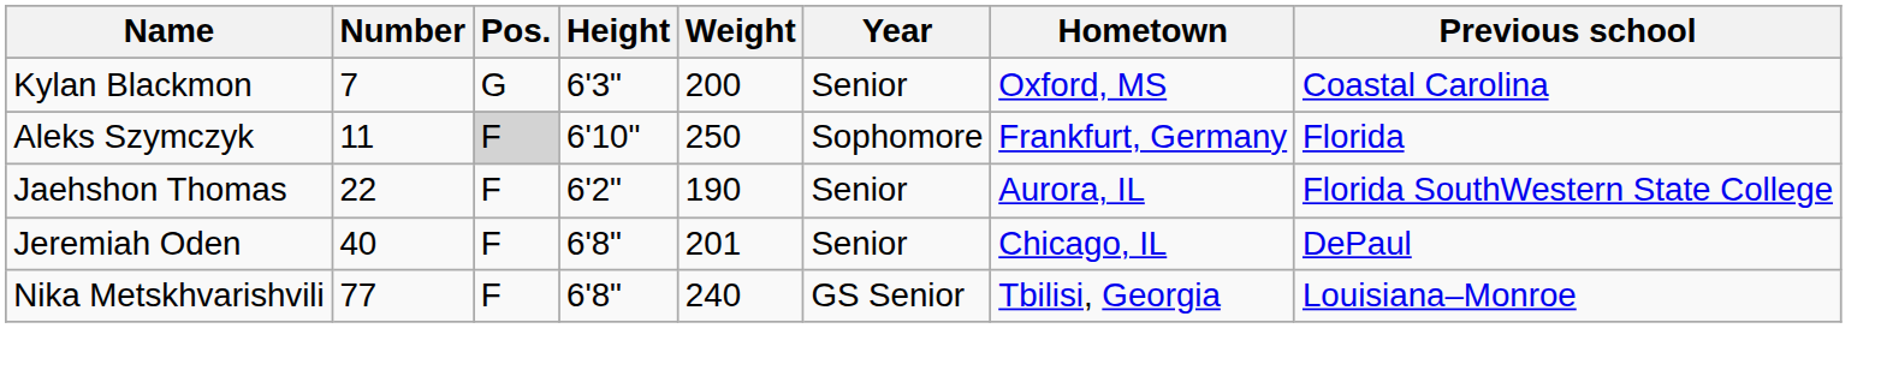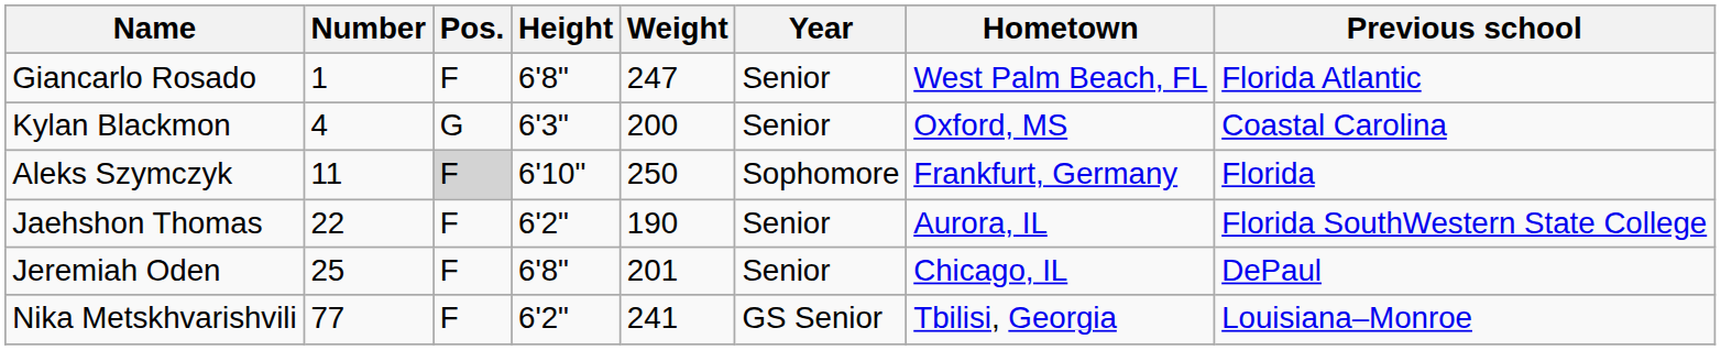 <table class="wikitable sortable" border="1">
 <tr>
 <th>Name</th>
 <th>Number</th>
 <th>Pos.</th>
 <th>Height</th>
 <th>Weight</th>
 <th>Year</th>
 <th>Hometown</th>
 <th>Previous school</th>
 </tr>
 <tr>
+<td>Giancarlo Rosado</td>
+<td>1</td>
+<td>F</td>
+<td>6'8"</td>
+<td>247</td>
+<td>Senior</td>
+<td><a href='#'>West Palm Beach, FL</a></td>
+<td><a href='#'>Florida Atlantic</a></td>
+</tr>
+<tr>
 <td>Kylan Blackmon</td>
-<td>7</td>
+<td>4</td>
 <td>G</td>
 <td>6'3"</td>
 <td>200</td>
 <td> Senior</td>
 <td><a href='#'>Oxford, MS</a></td>
 <td><a href='#'>Coastal Carolina</a></td>
 </tr>
 <tr>
 <td>Aleks Szymczyk</td>
 <td>11</td>
 <td style="background: lightgrey;">F</td>
 <td>6'10"</td>
 <td>250</td>
 <td> Sophomore</td>
 <td><a href='#'>Frankfurt, Germany</a></td>
 <td><a href='#'>Florida</a></td>
 </tr>
 <tr>
 <td>Jaehshon Thomas</td>
 <td>22</td>
 <td>F</td>
 <td>6'2"</td>
 <td>190</td>
 <td> Senior</td>
 <td><a href='#'>Aurora, IL</a></td>
 <td><a href='#'>Florida SouthWestern State College</a></td>
 </tr>
 <tr>
 <td>Jeremiah Oden</td>
-<td>40</td>
+<td>25</td>
 <td>F</td>
 <td>6'8"</td>
 <td>201</td>
 <td> Senior</td>
 <td><a href='#'>Chicago, IL</a></td>
 <td><a href='#'>DePaul</a></td>
 </tr>
 <tr>
 <td>Nika Metskhvarishvili</td>
 <td>77</td>
 <td>F</td>
-<td>6'8"</td>
-<td>240</td>
+<td>6'2"</td>
+<td>241</td>
 <td>GS Senior</td>
 <td><a href='#'>Tbilisi</a>, <a href='#'>Georgia</a></td>
 <td><a href='#'>Louisiana–Monroe</a></td>
 </tr>
 </table>
